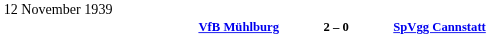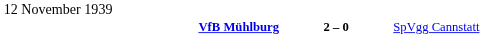 <table width=100% cellspacing=1>
 <tr>
 <th width=25%></th>
 <th width=10%></th>
 <th width=25%></th>
 <th></th>
 </tr>
 <tr>
 <td>12 November 1939</td>
 </tr>
 <tr style=font-size:90%>
 <td align=right><strong><a href='#'>VfB Mühlburg</a></strong></td>
 <td align=center><strong>2 – 0</strong></td>
-<td><strong><a href='#'>SpVgg Cannstatt</a></strong></td>
+<td><a href='#'>SpVgg Cannstatt</a></td>
 </tr>
 </table>
